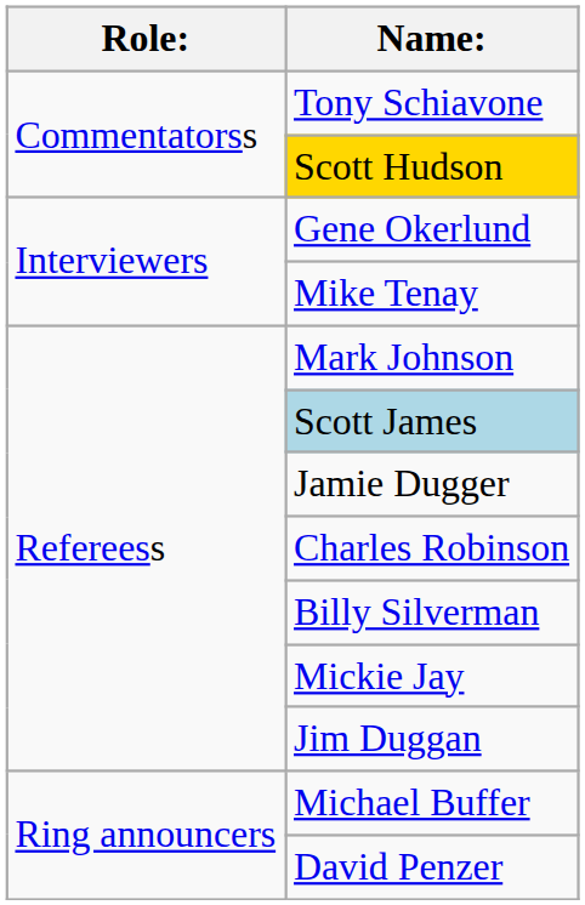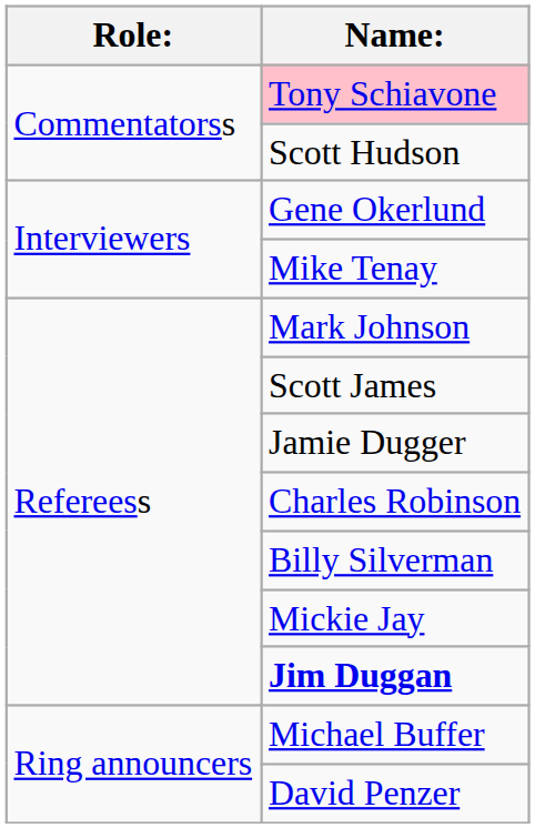 <table class=wikitable style="font-size:90%; margin: 0.5em 0 0.5em 1em; float: right; clear: right;">
 <tr>
 <th>Role:</th>
 <th>Name:</th>
 </tr>
 <tr>
 <td rowspan=2><a href='#'>Commentators</a>s</td>
-<td><a href='#'>Tony Schiavone</a></td>
+<td style="background: pink;"><a href='#'>Tony Schiavone</a></td>
 </tr>
 <tr>
-<td style="background: gold;">Scott Hudson</td>
+<td>Scott Hudson</td>
 </tr>
 <tr>
 <td rowspan=2><a href='#'>Interviewers</a></td>
 <td><a href='#'>Gene Okerlund</a></td>
 </tr>
 <tr>
 <td><a href='#'>Mike Tenay</a></td>
 </tr>
 <tr>
 <td rowspan=7><a href='#'>Referees</a>s</td>
 <td><a href='#'>Mark Johnson</a></td>
 </tr>
 <tr>
-<td style="background: lightblue;">Scott James</td>
+<td>Scott James</td>
 </tr>
 <tr>
 <td>Jamie Dugger</td>
 </tr>
 <tr>
 <td><a href='#'>Charles Robinson</a></td>
 </tr>
 <tr>
 <td><a href='#'>Billy Silverman</a></td>
 </tr>
 <tr>
 <td><a href='#'>Mickie Jay</a></td>
 </tr>
 <tr>
-<td><a href='#'>Jim Duggan</a></td>
+<td><strong><a href='#'>Jim Duggan</a></strong></td>
 </tr>
 <tr>
 <td rowspan=2><a href='#'>Ring announcers</a></td>
 <td><a href='#'>Michael Buffer</a> </td>
 </tr>
 <tr>
 <td><a href='#'>David Penzer</a></td>
 </tr>
 </table>
